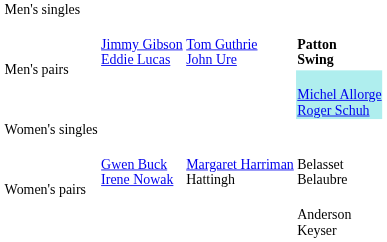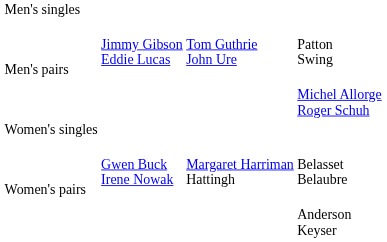 <table>
 <tr>
 <td>Men's singles<br></td>
 <td></td>
 <td></td>
 <td></td>
 </tr>
 <tr>
 <td rowspan="2">Men's pairs<br></td>
 <td rowspan="2" valign=top> <br> <a href='#'>Jimmy Gibson</a> <br> <a href='#'>Eddie Lucas</a></td>
 <td rowspan="2" valign=top> <br> <a href='#'>Tom Guthrie</a> <br> <a href='#'>John Ure</a></td>
-<td valign=top><strong> <br> Patton <br> Swing</strong></td>
+<td valign=top> <br> Patton <br> Swing</td>
 </tr>
 <tr>
-<td valign=top style="background: paleturquoise;"> <br> <a href='#'>Michel Allorge</a> <br> <a href='#'>Roger Schuh</a></td>
+<td valign=top> <br> <a href='#'>Michel Allorge</a> <br> <a href='#'>Roger Schuh</a></td>
 </tr>
 <tr>
 <td rowspan="2">Women's singles<br></td>
 <td rowspan="2"></td>
 <td rowspan="2"></td>
 <td></td>
 </tr>
 <tr>
 <td></td>
 </tr>
 <tr>
 <td rowspan="2">Women's pairs<br></td>
 <td rowspan="2" valign=top> <br> <a href='#'>Gwen Buck</a> <br> <a href='#'>Irene Nowak</a></td>
 <td rowspan="2" valign=top> <br> <a href='#'>Margaret Harriman</a> <br> Hattingh</td>
 <td valign=top> <br> Belasset <br> Belaubre</td>
 </tr>
 <tr>
 <td valign=top> <br> Anderson <br> Keyser</td>
 </tr>
 </table>
